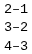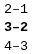 <table cellspacing=1 width=70%>
 <tr>
 <th width=25%></th>
 <th width=30%></th>
 <th width=15%></th>
 <th width=30%></th>
 </tr>
 <tr>
 <td></td>
 <td align=right></td>
 <td align=center>2–1</td>
 <td></td>
 </tr>
 <tr>
 <td></td>
 <td align=right></td>
-<td align=center>3–2</td>
+<td align=center><strong>3–2</strong></td>
 <td></td>
 </tr>
 <tr>
 <td></td>
 <td align=right></td>
 <td align=center>4–3</td>
 <td></td>
 </tr>
 </table>
